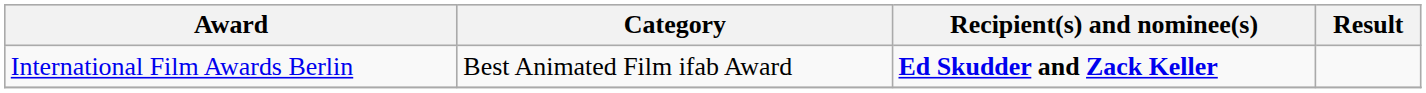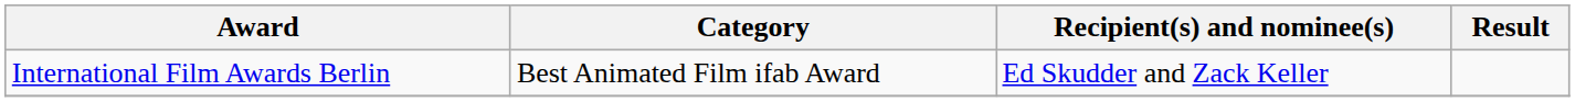 <table class="wikitable sortable plainrowheaders" style="width: 99%;">
 <tr>
 <th scope="col">Award</th>
 <th scope="col">Category</th>
 <th scope="col">Recipient(s) and nominee(s)</th>
 <th scope="col">Result</th>
 </tr>
 <tr>
 <td><a href='#'>International Film Awards Berlin</a></td>
 <td>Best Animated Film ifab Award</td>
-<td><strong><a href='#'>Ed Skudder</a> and <a href='#'>Zack Keller</a></strong></td>
+<td><a href='#'>Ed Skudder</a> and <a href='#'>Zack Keller</a></td>
 <td></td>
 </tr>
 <tr>
 </tr>
 </table>
